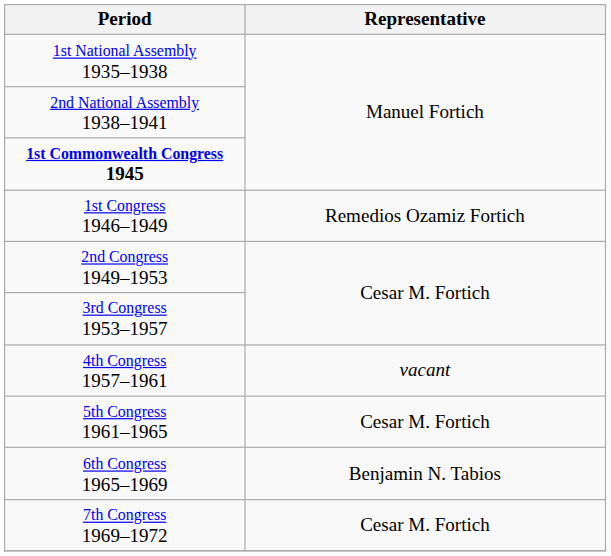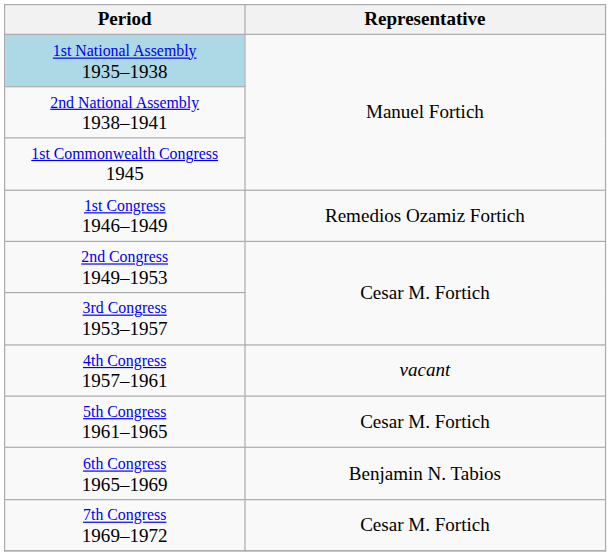 <table class="wikitable" style="text-align:center; width:40%;">
 <tr>
 <th width="40%">Period</th>
 <th>Representative</th>
 </tr>
 <tr>
-<td><small><a href='#'>1st National Assembly</a></small><br>1935–1938</td>
+<td style="background: lightblue;"><small><a href='#'>1st National Assembly</a></small><br>1935–1938</td>
 <td rowspan="4">Manuel Fortich</td>
 </tr>
 <tr>
 <td><small><a href='#'>2nd National Assembly</a></small><br>1938–1941</td>
 </tr>
 <tr>
-<td><strong><small><a href='#'>1st Commonwealth Congress</a></small><br>1945</strong></td>
+<td><small><a href='#'>1st Commonwealth Congress</a></small><br>1945</td>
 </tr>
 <tr>
 <td rowspan="2"><small><a href='#'>1st Congress</a></small><br>1946–1949</td>
 </tr>
 <tr>
 <td>Remedios Ozamiz Fortich</td>
 </tr>
 <tr>
 <td><small><a href='#'>2nd Congress</a></small><br>1949–1953</td>
 <td rowspan="3">Cesar M. Fortich</td>
 </tr>
 <tr>
 <td><small><a href='#'>3rd Congress</a></small><br>1953–1957</td>
 </tr>
 <tr>
 <td rowspan="2"><small><a href='#'>4th Congress</a></small><br>1957–1961</td>
 </tr>
 <tr>
 <td><em>vacant</em></td>
 </tr>
 <tr>
 <td><small><a href='#'>5th Congress</a></small><br>1961–1965</td>
 <td>Cesar M. Fortich</td>
 </tr>
 <tr>
 <td><small><a href='#'>6th Congress</a></small><br>1965–1969</td>
 <td>Benjamin N. Tabios</td>
 </tr>
 <tr>
 <td><small><a href='#'>7th Congress</a></small><br>1969–1972</td>
 <td>Cesar M. Fortich</td>
 </tr>
 <tr>
 </tr>
 </table>
